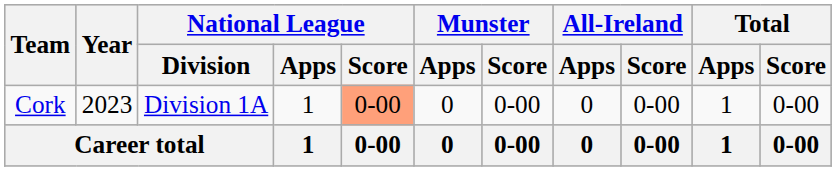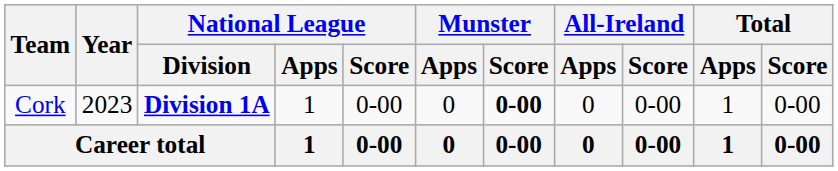 <table class="wikitable" style="text-align:center">
 <tr>
 <th rowspan="2">Team</th>
 <th rowspan="2">Year</th>
 <th colspan="3"><a href='#'>National League</a></th>
 <th colspan="2"><a href='#'>Munster</a></th>
 <th colspan="2"><a href='#'>All-Ireland</a></th>
 <th colspan="2">Total</th>
 </tr>
 <tr>
 <th>Division</th>
 <th>Apps</th>
 <th>Score</th>
 <th>Apps</th>
 <th>Score</th>
 <th>Apps</th>
 <th>Score</th>
 <th>Apps</th>
 <th>Score</th>
 </tr>
 <tr>
 <td rowspan="1"><a href='#'>Cork</a></td>
 <td>2023</td>
-<td rowspan="1"><a href='#'>Division 1A</a></td>
+<td rowspan="1"><strong><a href='#'>Division 1A</a></strong></td>
 <td>1</td>
-<td style="background: lightsalmon;">0-00</td>
+<td>0-00</td>
 <td>0</td>
-<td>0-00</td>
+<td><strong>0-00</strong></td>
 <td>0</td>
 <td>0-00</td>
 <td>1</td>
 <td>0-00</td>
 </tr>
 <tr>
 <th colspan="3">Career total</th>
 <th>1</th>
 <th>0-00</th>
 <th>0</th>
 <th>0-00</th>
 <th>0</th>
 <th>0-00</th>
 <th>1</th>
 <th>0-00</th>
 </tr>
 </table>
